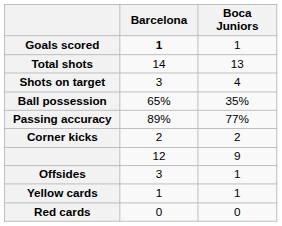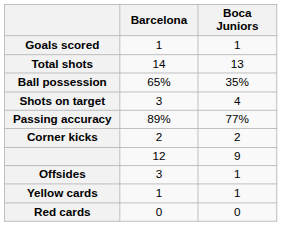 <table class="wikitable" style="text-align: center; margin: 0 auto;">
 <tr>
 <th scope="col" style="width:150px"></th>
 <th scope="col" style="width:100px">Barcelona</th>
 <th scope="col" style="width:100px">Boca Juniors</th>
 </tr>
 <tr>
 <th scope=row>Goals scored</th>
-<td><strong>1</strong></td>
+<td>1</td>
 <td>1</td>
 </tr>
 <tr>
 <th scope=row>Total shots</th>
 <td>14</td>
 <td>13</td>
 </tr>
 <tr>
+<th scope=row>Ball possession</th>
+<td>65%</td>
+<td>35%</td>
+</tr>
+<tr>
 <th scope=row>Shots on target</th>
 <td>3</td>
 <td>4</td>
-</tr>
-<tr>
-<th scope=row>Ball possession</th>
-<td>65%</td>
-<td>35%</td>
 </tr>
 <tr>
 <th scope=row>Passing accuracy</th>
 <td>89%</td>
 <td>77%</td>
 </tr>
 <tr>
 <th scope=row>Corner kicks</th>
 <td>2</td>
 <td>2</td>
 </tr>
 <tr>
 <th scope=row></th>
 <td>12</td>
 <td>9</td>
 </tr>
 <tr>
 <th scope=row>Offsides</th>
 <td>3</td>
 <td>1</td>
 </tr>
 <tr>
 <th scope=row>Yellow cards</th>
 <td>1</td>
 <td>1</td>
 </tr>
 <tr>
 <th scope=row>Red cards</th>
 <td>0</td>
 <td>0</td>
 </tr>
 </table>
